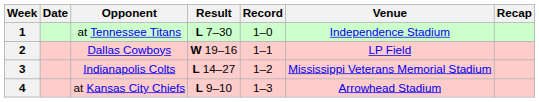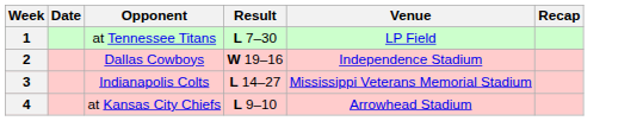 <table class="wikitable" style="text-align:center">
 <tr>
 <th>Week</th>
 <th>Date</th>
 <th>Opponent</th>
 <th>Result</th>
-<th>Record</th>
 <th>Venue</th>
 <th>Recap</th>
 </tr>
 <tr style="background: #cfc;">
 <th>1</th>
 <td></td>
 <td>at <a href='#'>Tennessee Titans</a></td>
 <td><strong>L</strong> 7–30</td>
-<td>1–0</td>
-<td><a href='#'>Independence Stadium</a></td>
+<td><a href='#'>LP Field</a></td>
 <td></td>
 </tr>
 <tr style="background: #fcc;">
 <th>2</th>
 <td></td>
 <td><a href='#'>Dallas Cowboys</a></td>
 <td><strong>W</strong> 19–16</td>
-<td>1–1</td>
-<td><a href='#'>LP Field</a></td>
+<td><a href='#'>Independence Stadium</a></td>
 <td></td>
 </tr>
 <tr style="background: #fcc;">
 <th>3</th>
 <td></td>
 <td><a href='#'>Indianapolis Colts</a></td>
 <td><strong>L</strong> 14–27</td>
-<td>1–2</td>
 <td><a href='#'>Mississippi Veterans Memorial Stadium</a></td>
 <td></td>
 </tr>
 <tr style="background: #fcc;">
 <th>4</th>
 <td></td>
 <td>at <a href='#'>Kansas City Chiefs</a></td>
 <td><strong>L</strong> 9–10</td>
-<td>1–3</td>
 <td><a href='#'>Arrowhead Stadium</a></td>
 <td></td>
 </tr>
 </table>
